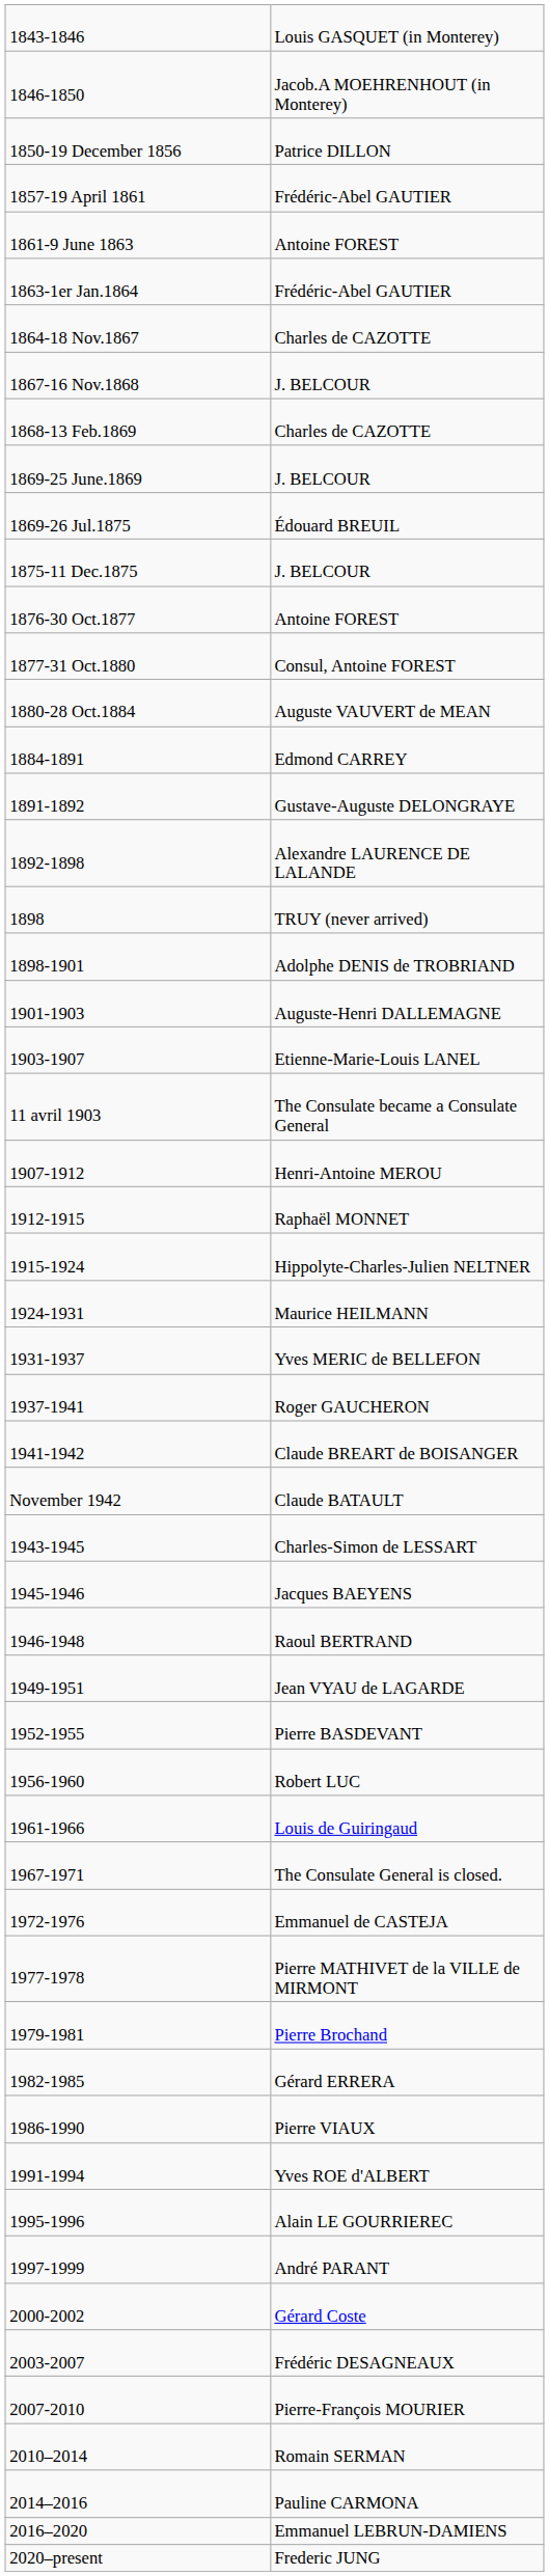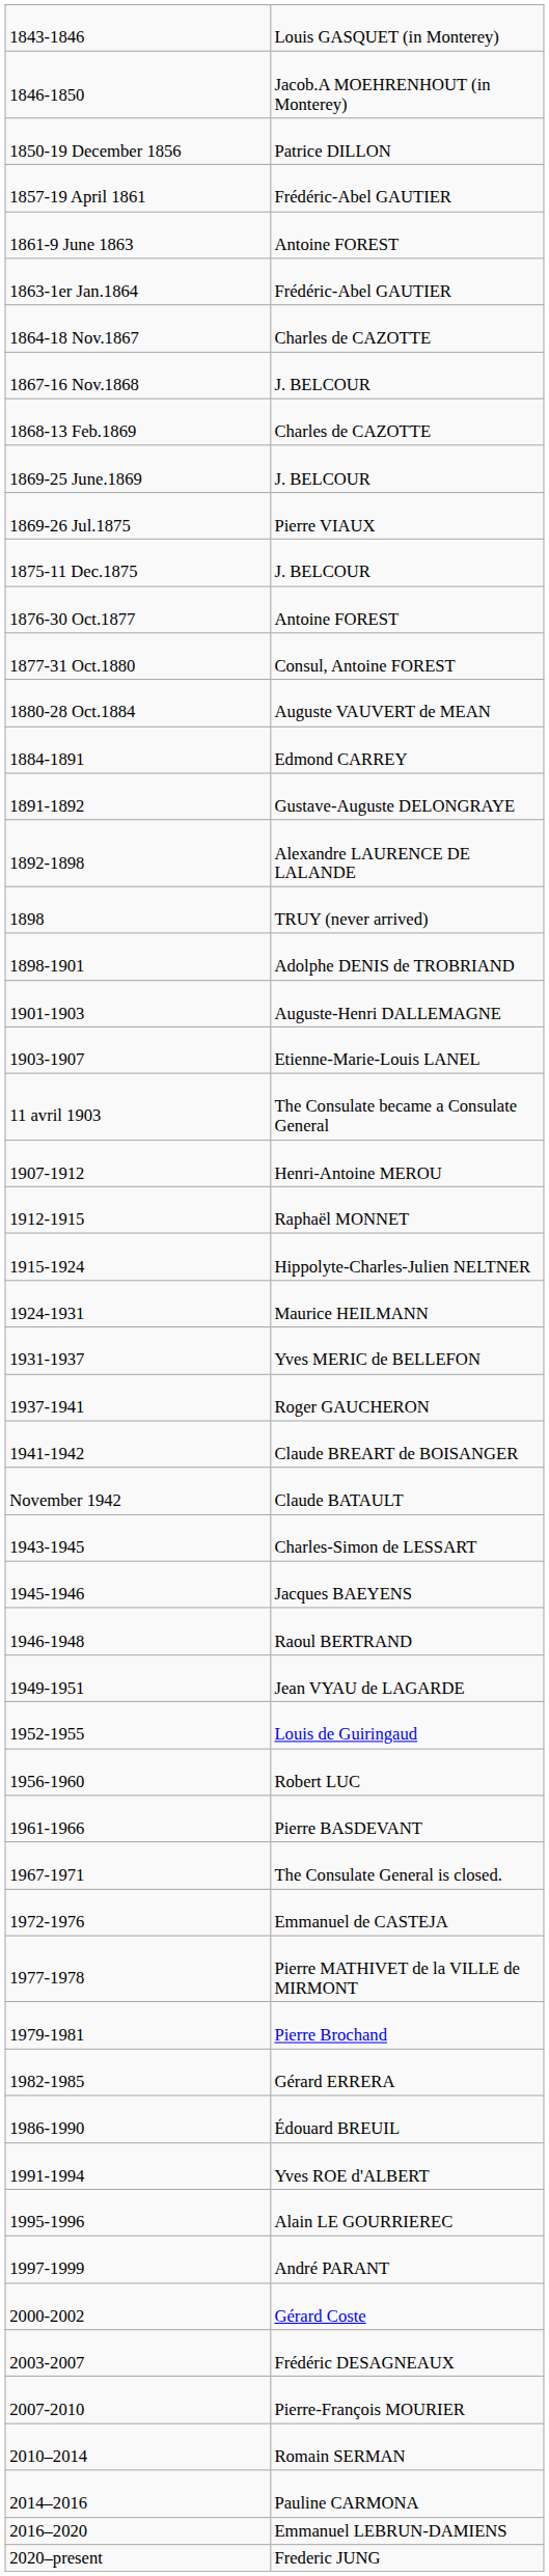 <table class="wikitable"  style="width:80%; margin:auto;">
 <tr>
 <td style="width:33%;"><br>1843-1846</td>
 <td style="width:34%;"><br>Louis GASQUET (in Monterey)</td>
 </tr>
 <tr>
 <td style="width:33%;"><br>1846-1850</td>
 <td style="width:33%;"><br>Jacob.A MOEHRENHOUT (in Monterey)</td>
 </tr>
 <tr>
 <td style="width:33%;"><br>1850-19 December 1856</td>
 <td style="width:33%;"><br>Patrice DILLON</td>
 </tr>
 <tr>
 <td style="width:33%;"><br>1857-19 April 1861</td>
 <td style="width:33%;"><br>Frédéric-Abel GAUTIER</td>
 </tr>
 <tr>
 <td style="width:33%;"><br>1861-9 June 1863</td>
 <td style="width:33%;"><br>Antoine FOREST</td>
 </tr>
 <tr>
 <td style="width:33%;"><br>1863-1er Jan.1864</td>
 <td style="width:33%;"><br>Frédéric-Abel GAUTIER</td>
 </tr>
 <tr>
 <td style="width:33%;"><br>1864-18 Nov.1867</td>
 <td style="width:33%;"><br>Charles de CAZOTTE</td>
 </tr>
 <tr>
 <td style="width:33%;"><br>1867-16 Nov.1868</td>
 <td style="width:33%;"><br>J. BELCOUR</td>
 </tr>
 <tr>
 <td style="width:33%;"><br>1868-13 Feb.1869</td>
 <td style="width:33%;"><br>Charles de CAZOTTE</td>
 </tr>
 <tr>
 <td style="width:33%;"><br>1869-25 June.1869</td>
 <td style="width:33%;"><br>J. BELCOUR</td>
 </tr>
 <tr>
 <td style="width:33%;"><br>1869-26 Jul.1875</td>
-<td style="width:33%;"><br>Édouard BREUIL</td>
+<td style="width:33%;"><br>Pierre VIAUX</td>
 </tr>
 <tr>
 <td style="width:33%;"><br>1875-11 Dec.1875</td>
 <td style="width:33%;"><br>J. BELCOUR</td>
 </tr>
 <tr>
 <td style="width:33%;"><br>1876-30 Oct.1877</td>
 <td style="width:33%;"><br>Antoine FOREST</td>
 </tr>
 <tr>
 <td style="width:33%;"><br>1877-31 Oct.1880</td>
 <td style="width:33%;"><br>Consul, Antoine FOREST</td>
 </tr>
 <tr>
 <td style="width:33%;"><br>1880-28 Oct.1884</td>
 <td style="width:33%;"><br>Auguste VAUVERT de MEAN</td>
 </tr>
 <tr>
 <td style="width:33%;"><br>1884-1891</td>
 <td style="width:33%;"><br>Edmond CARREY</td>
 </tr>
 <tr>
 <td style="width:33%;"><br>1891-1892</td>
 <td style="width:33%;"><br>Gustave-Auguste DELONGRAYE</td>
 </tr>
 <tr>
 <td style="width:33%;"><br>1892-1898</td>
 <td style="width:33%;"><br>Alexandre LAURENCE DE LALANDE</td>
 </tr>
 <tr>
 <td style="width:33%;"><br>1898</td>
 <td style="width:33%;"><br>TRUY (never arrived)</td>
 </tr>
 <tr>
 <td style="width:33%;"><br>1898-1901</td>
 <td style="width:33%;"><br>Adolphe DENIS de TROBRIAND</td>
 </tr>
 <tr>
 <td style="width:33%;"><br>1901-1903</td>
 <td style="width:33%;"><br>Auguste-Henri DALLEMAGNE</td>
 </tr>
 <tr>
 <td style="width:33%;"><br>1903-1907</td>
 <td style="width:33%;"><br>Etienne-Marie-Louis LANEL</td>
 </tr>
 <tr>
 <td style="width:33%;"><br>11 avril 1903</td>
 <td style="width:33%;"><br>The Consulate became a Consulate General</td>
 </tr>
 <tr>
 <td style="width:33%;"><br>1907-1912</td>
 <td style="width:33%;"><br>Henri-Antoine MEROU</td>
 </tr>
 <tr>
 <td style="width:33%;"><br>1912-1915</td>
 <td style="width:33%;"><br>Raphaël MONNET</td>
 </tr>
 <tr>
 <td style="width:33%;"><br>1915-1924</td>
 <td style="width:33%;"><br>Hippolyte-Charles-Julien NELTNER</td>
 </tr>
 <tr>
 <td style="width:33%;"><br>1924-1931</td>
 <td style="width:33%;"><br>Maurice HEILMANN</td>
 </tr>
 <tr>
 <td style="width:33%;"><br>1931-1937</td>
 <td style="width:33%;"><br>Yves MERIC de BELLEFON</td>
 </tr>
 <tr>
 <td style="width:33%;"><br>1937-1941</td>
 <td style="width:33%;"><br>Roger GAUCHERON</td>
 </tr>
 <tr>
 <td style="width:33%;"><br>1941-1942</td>
 <td style="width:33%;"><br>Claude BREART de BOISANGER</td>
 </tr>
 <tr>
 <td style="width:33%;"><br>November 1942</td>
 <td style="width:33%;"><br>Claude BATAULT</td>
 </tr>
 <tr>
 <td style="width:33%;"><br>1943-1945</td>
 <td style="width:33%;"><br>Charles-Simon de LESSART</td>
 </tr>
 <tr>
 <td style="width:33%;"><br>1945-1946</td>
 <td style="width:33%;"><br>Jacques BAEYENS</td>
 </tr>
 <tr>
 <td style="width:33%;"><br>1946-1948</td>
 <td style="width:33%;"><br>Raoul BERTRAND</td>
 </tr>
 <tr>
 <td style="width:33%;"><br>1949-1951</td>
 <td style="width:33%;"><br>Jean VYAU de LAGARDE</td>
 </tr>
 <tr>
 <td style="width:33%;"><br>1952-1955</td>
-<td style="width:33%;"><br>Pierre BASDEVANT</td>
+<td style="width:33%;"><br><a href='#'>Louis de Guiringaud</a></td>
 </tr>
 <tr>
 <td style="width:33%;"><br>1956-1960</td>
 <td style="width:33%;"><br>Robert LUC</td>
 </tr>
 <tr>
 <td style="width:33%;"><br>1961-1966</td>
-<td style="width:33%;"><br><a href='#'>Louis de Guiringaud</a></td>
+<td style="width:33%;"><br>Pierre BASDEVANT</td>
 </tr>
 <tr>
 <td style="width:33%;"><br>1967-1971</td>
 <td style="width:33%;"><br>The Consulate General is closed.</td>
 </tr>
 <tr>
 <td style="width:33%;"><br>1972-1976</td>
 <td style="width:33%;"><br>Emmanuel de CASTEJA</td>
 </tr>
 <tr>
 <td style="width:33%;"><br>1977-1978</td>
 <td style="width:33%;"><br>Pierre MATHIVET de la VILLE de MIRMONT</td>
 </tr>
 <tr>
 <td style="width:33%;"><br>1979-1981</td>
 <td style="width:33%;"><br><a href='#'>Pierre Brochand</a></td>
 </tr>
 <tr>
 <td style="width:33%;"><br>1982-1985</td>
 <td style="width:33%;"><br>Gérard ERRERA</td>
 </tr>
 <tr>
 <td style="width:33%;"><br>1986-1990</td>
-<td style="width:33%;"><br>Pierre VIAUX</td>
+<td style="width:33%;"><br>Édouard BREUIL</td>
 </tr>
 <tr>
 <td style="width:33%;"><br>1991-1994</td>
 <td style="width:33%;"><br>Yves ROE d'ALBERT</td>
 </tr>
 <tr>
 <td style="width:33%;"><br>1995-1996</td>
 <td style="width:33%;"><br>Alain LE GOURRIEREC</td>
 </tr>
 <tr>
 <td style="width:33%;"><br>1997-1999</td>
 <td style="width:33%;"><br>André PARANT</td>
 </tr>
 <tr>
 <td style="width:33%;"><br>2000-2002</td>
 <td style="width:33%;"><br><a href='#'>Gérard Coste</a></td>
 </tr>
 <tr>
 <td style="width:33%;"><br>2003-2007</td>
 <td style="width:33%;"><br>Frédéric DESAGNEAUX</td>
 </tr>
 <tr>
 <td style="width:33%;"><br>2007-2010</td>
 <td style="width:33%;"><br>Pierre-François MOURIER</td>
 </tr>
 <tr>
 <td style="width:33%;"><br>2010–2014</td>
 <td style="width:33%;"><br>Romain SERMAN</td>
 </tr>
 <tr>
 <td style="width:33%;"><br>2014–2016</td>
 <td style="width:33%;"><br>Pauline CARMONA</td>
 </tr>
 <tr>
 <td>2016–2020</td>
 <td>Emmanuel LEBRUN-DAMIENS</td>
 </tr>
 <tr>
 <td>2020–present</td>
 <td>Frederic JUNG</td>
 </tr>
 </table>
